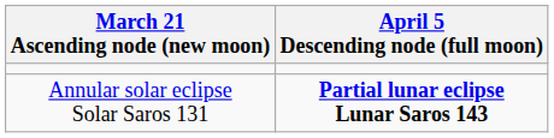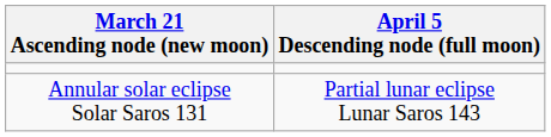 <table class="wikitable">
 <tr>
 <th><a href='#'>March 21</a><br>Ascending node (new moon)<br></th>
 <th><a href='#'>April 5</a><br>Descending node (full moon)<br></th>
 </tr>
 <tr>
 <td></td>
 <td></td>
 </tr>
 <tr align=center>
 <td><a href='#'>Annular solar eclipse</a><br>Solar Saros 131</td>
-<td><strong><a href='#'>Partial lunar eclipse</a><br>Lunar Saros 143</strong></td>
+<td><a href='#'>Partial lunar eclipse</a><br>Lunar Saros 143</td>
 </tr>
 </table>
